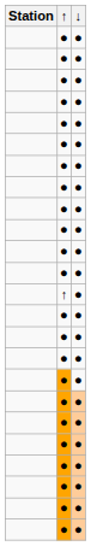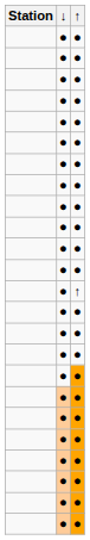 <table table class="wikitable">
 <tr>
 <th>Station</th>
+<th>↓</th>
 <th>↑</th>
-<th>↓</th>
 </tr>
 <tr>
 <td></td>
 <td align="center">●</td>
 <td align="center">●</td>
 </tr>
 <tr>
 <td></td>
 <td align="center">●</td>
 <td align="center">●</td>
 </tr>
 <tr>
 <td></td>
 <td align="center">●</td>
 <td align="center">●</td>
 </tr>
 <tr>
 <td></td>
 <td align="center">●</td>
 <td align="center">●</td>
 </tr>
 <tr>
 <td></td>
 <td align="center">●</td>
 <td align="center">●</td>
 </tr>
 <tr>
 <td></td>
 <td align="center">●</td>
 <td align="center">●</td>
 </tr>
 <tr>
 <td></td>
 <td align="center">●</td>
 <td align="center">●</td>
 </tr>
 <tr>
 <td></td>
 <td align="center">●</td>
 <td align="center">●</td>
 </tr>
 <tr>
 <td></td>
 <td align="center">●</td>
 <td align="center">●</td>
 </tr>
 <tr>
 <td></td>
 <td align="center">●</td>
 <td align="center">●</td>
 </tr>
 <tr>
 <td></td>
 <td align="center">●</td>
 <td align="center">●</td>
 </tr>
 <tr>
 <td></td>
 <td align="center">●</td>
 <td align="center">●</td>
 </tr>
 <tr>
 <td></td>
+<td align="center">●</td>
 <td align="center">↑</td>
-<td align="center">●</td>
 </tr>
 <tr>
 <td></td>
 <td align="center">●</td>
 <td align="center">●</td>
 </tr>
 <tr>
 <td></td>
 <td align="center">●</td>
 <td align="center">●</td>
 </tr>
 <tr>
 <td></td>
 <td align="center">●</td>
 <td align="center">●</td>
 </tr>
 <tr>
 <td></td>
+<td align="center">●</td>
 <td align="center" bgcolor="orange">●</td>
-<td align="center">●</td>
 </tr>
 <tr>
 <td></td>
+<td align="center" bgcolor="#ffcc99">●</td>
 <td align="center" bgcolor="orange">●</td>
-<td align="center" bgcolor="#ffcc99">●</td>
 </tr>
 <tr>
 <td></td>
+<td align="center" bgcolor="#ffcc99">●</td>
 <td align="center" bgcolor="orange">●</td>
-<td align="center" bgcolor="#ffcc99">●</td>
 </tr>
 <tr>
 <td></td>
+<td align="center" bgcolor="#ffcc99">●</td>
 <td align="center" bgcolor="orange">●</td>
-<td align="center" bgcolor="#ffcc99">●</td>
 </tr>
 <tr>
 <td></td>
+<td align="center" bgcolor="#ffcc99">●</td>
 <td align="center" bgcolor="orange">●</td>
-<td align="center" bgcolor="#ffcc99">●</td>
 </tr>
 <tr>
 <td></td>
+<td align="center" bgcolor="#ffcc99">●</td>
 <td align="center" bgcolor="orange">●</td>
-<td align="center" bgcolor="#ffcc99">●</td>
 </tr>
 <tr>
 <td></td>
+<td align="center" bgcolor="#ffcc99">●</td>
 <td align="center" bgcolor="orange">●</td>
-<td align="center" bgcolor="#ffcc99">●</td>
 </tr>
 <tr>
 <td></td>
+<td align="center" bgcolor="#ffcc99">●</td>
 <td align="center" bgcolor="orange">●</td>
-<td align="center" bgcolor="#ffcc99">●</td>
 </tr>
 </table>
